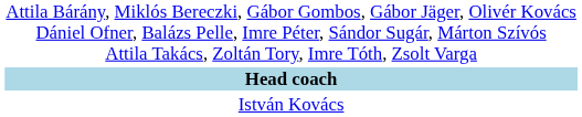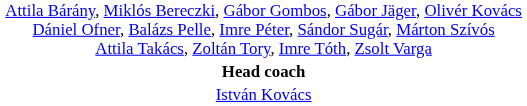 <table style="text-align: center; margin-top: 2em; margin-left: auto; margin-right: auto">
 <tr>
 <td><a href='#'>Attila Bárány</a>, <a href='#'>Miklós Bereczki</a>, <a href='#'>Gábor Gombos</a>, <a href='#'>Gábor Jäger</a>, <a href='#'>Olivér Kovács</a><br><a href='#'>Dániel Ofner</a>, <a href='#'>Balázs Pelle</a>, <a href='#'>Imre Péter</a>, <a href='#'>Sándor Sugár</a>, <a href='#'>Márton Szívós</a><br><a href='#'>Attila Takács</a>, <a href='#'>Zoltán Tory</a>, <a href='#'>Imre Tóth</a>, <a href='#'>Zsolt Varga</a></td>
 </tr>
 <tr>
-<td style="background: lightblue;"><strong>Head coach</strong></td>
+<td><strong>Head coach</strong></td>
 </tr>
 <tr>
 <td><a href='#'>István Kovács</a></td>
 </tr>
 </table>
